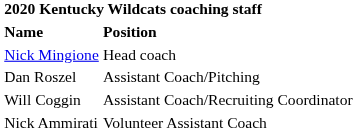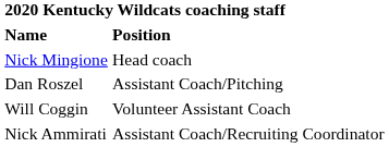 <table class="toccolours" style="text-align: left; font-size:90%;">
 <tr>
 <th colspan="9">2020 Kentucky Wildcats coaching staff</th>
 </tr>
 <tr>
 <th>Name</th>
 <th>Position</th>
 </tr>
 <tr>
 <td><a href='#'>Nick Mingione</a></td>
 <td>Head coach</td>
 </tr>
 <tr>
 <td>Dan Roszel</td>
 <td>Assistant Coach/Pitching</td>
 </tr>
 <tr>
 <td>Will Coggin</td>
-<td>Assistant Coach/Recruiting Coordinator</td>
+<td>Volunteer Assistant Coach</td>
 </tr>
 <tr>
 <td>Nick Ammirati</td>
-<td>Volunteer Assistant Coach</td>
+<td>Assistant Coach/Recruiting Coordinator</td>
 </tr>
 </table>
